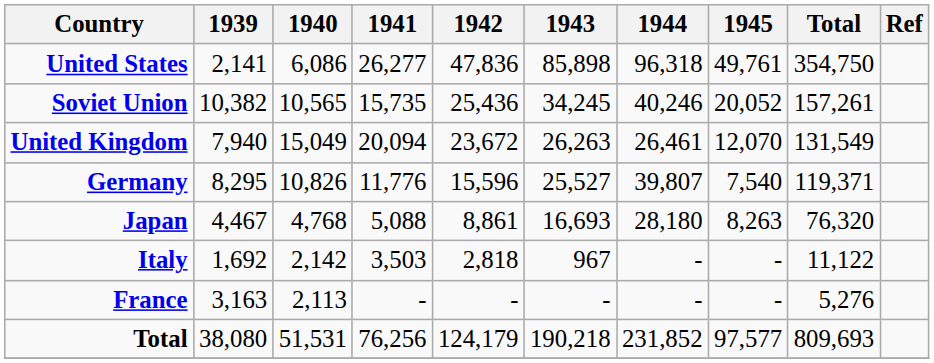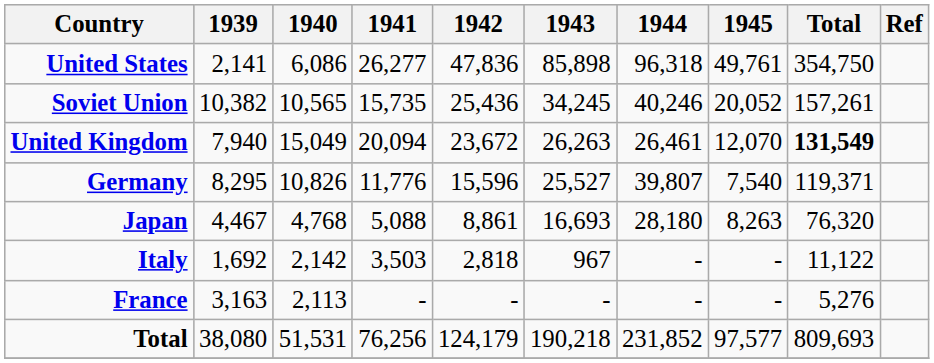 <table class="wikitable">
 <tr>
 <th>Country</th>
 <th>1939</th>
 <th>1940</th>
 <th>1941</th>
 <th>1942</th>
 <th>1943</th>
 <th>1944</th>
 <th>1945</th>
 <th>Total</th>
 <th>Ref</th>
 </tr>
 <tr align=right>
 <td><strong><a href='#'>United States</a></strong></td>
 <td>2,141</td>
 <td>6,086</td>
 <td>26,277</td>
 <td>47,836</td>
 <td>85,898</td>
 <td>96,318</td>
 <td>49,761</td>
 <td>354,750</td>
 <td></td>
 </tr>
 <tr align=right>
 <td><strong><a href='#'>Soviet Union</a></strong></td>
 <td>10,382</td>
 <td>10,565</td>
 <td>15,735</td>
 <td>25,436</td>
 <td>34,245</td>
 <td>40,246</td>
 <td>20,052</td>
 <td>157,261</td>
 <td></td>
 </tr>
 <tr align=right>
 <td><strong><a href='#'>United Kingdom</a></strong></td>
 <td>7,940</td>
 <td>15,049</td>
 <td>20,094</td>
 <td>23,672</td>
 <td>26,263</td>
 <td>26,461</td>
 <td>12,070</td>
-<td>131,549</td>
+<td><strong>131,549</strong></td>
 <td></td>
 </tr>
 <tr align=right>
 <td><strong><a href='#'>Germany</a></strong></td>
 <td>8,295</td>
 <td>10,826</td>
 <td>11,776</td>
 <td>15,596</td>
 <td>25,527</td>
 <td>39,807</td>
 <td>7,540</td>
 <td>119,371</td>
 <td></td>
 </tr>
 <tr align=right>
 <td><strong><a href='#'>Japan</a></strong></td>
 <td>4,467</td>
 <td>4,768</td>
 <td>5,088</td>
 <td>8,861</td>
 <td>16,693</td>
 <td>28,180</td>
 <td>8,263</td>
 <td>76,320</td>
 <td></td>
 </tr>
 <tr align=right>
 <td><strong><a href='#'>Italy</a></strong></td>
 <td>1,692</td>
 <td>2,142</td>
 <td>3,503</td>
 <td>2,818</td>
 <td>967</td>
 <td>-</td>
 <td>-</td>
 <td>11,122</td>
 <td></td>
 </tr>
 <tr align=right>
 <td><strong><a href='#'>France</a></strong></td>
 <td>3,163</td>
 <td>2,113</td>
 <td>-</td>
 <td>-</td>
 <td>-</td>
 <td>-</td>
 <td>-</td>
 <td>5,276</td>
 <td></td>
 </tr>
 <tr align=right>
 <td><strong>Total</strong></td>
 <td>38,080</td>
 <td>51,531</td>
 <td>76,256</td>
 <td>124,179</td>
 <td>190,218</td>
 <td>231,852</td>
 <td>97,577</td>
 <td>809,693</td>
 <td></td>
 </tr>
 <tr>
 </tr>
 </table>
